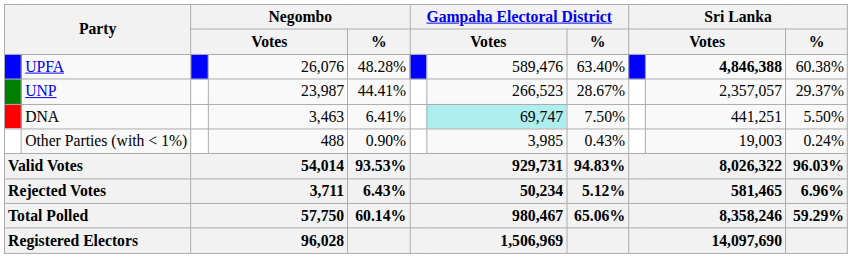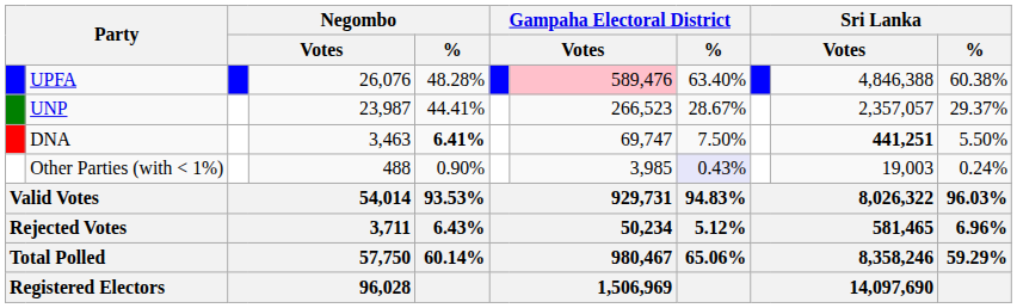 <table class="wikitable">
 <tr>
 <th colspan="2" width="144px"rowspan="2">Party</th>
 <th colspan="3" width="216px">Negombo</th>
 <th colspan="3" width="216px"><a href='#'>Gampaha Electoral District</a></th>
 <th colspan="3" width="216px">Sri Lanka</th>
 </tr>
 <tr>
 <th colspan="2" width="144px">Votes</th>
 <th>%</th>
 <th colspan="2" width="144px">Votes</th>
 <th>%</th>
 <th colspan="2" width="144px">Votes</th>
 <th>%</th>
 </tr>
 <tr>
 <td style="background-color:blue;" width="10px"></td>
 <td style="text-align:left;"><a href='#'>UPFA</a></td>
 <td style="background-color:blue;" width="10px"></td>
 <td style="text-align:right;">26,076</td>
 <td style="text-align:right;">48.28%</td>
 <td style="background-color:blue;" width="10px"></td>
-<td style="text-align:right;">589,476</td>
+<td style="background: pink; text-align:right;">589,476</td>
 <td style="text-align:right;">63.40%</td>
 <td style="background-color:blue;" width="10px"></td>
-<td style="text-align:right;"><strong>4,846,388</strong></td>
+<td style="text-align:right;">4,846,388</td>
 <td style="text-align:right;">60.38%</td>
 </tr>
 <tr>
 <td style="background-color:green;" width="10px"></td>
 <td style="text-align:left;"><a href='#'>UNP</a></td>
 <td style="background-color:white;" width="10px"></td>
 <td style="text-align:right;">23,987</td>
 <td style="text-align:right;">44.41%</td>
 <td style="background-color:white;" width="10px"></td>
 <td style="text-align:right;">266,523</td>
 <td style="text-align:right;">28.67%</td>
 <td style="background-color:white;" width="10px"></td>
 <td style="text-align:right;">2,357,057</td>
 <td style="text-align:right;">29.37%</td>
 </tr>
 <tr>
 <td style="background-color:red;" width="10px"></td>
 <td style="text-align:left;">DNA</td>
 <td style="background-color:white;" width="10px"></td>
 <td style="text-align:right;">3,463</td>
-<td style="text-align:right;">6.41%</td>
+<td style="text-align:right;"><strong>6.41%</strong></td>
 <td style="background-color:white;" width="10px"></td>
-<td style="background: paleturquoise; text-align:right;">69,747</td>
+<td style="text-align:right;">69,747</td>
 <td style="text-align:right;">7.50%</td>
 <td style="background-color:white;" width="10px"></td>
-<td style="text-align:right;">441,251</td>
+<td style="text-align:right;"><strong>441,251</strong></td>
 <td style="text-align:right;">5.50%</td>
 </tr>
 <tr>
 <td style="background-color:white;" width="10px"></td>
 <td style="text-align:left;">Other Parties (with < 1%)</td>
 <td style="background-color:white;" width="10px"></td>
 <td style="text-align:right;">488</td>
 <td style="text-align:right;">0.90%</td>
 <td style="background-color:white;" width="10px"></td>
 <td style="text-align:right;">3,985</td>
-<td style="text-align:right;">0.43%</td>
+<td style="background: lavender; text-align:right;">0.43%</td>
 <td style="background-color:white;" width="10px"></td>
 <td style="text-align:right;">19,003</td>
 <td style="text-align:right;">0.24%</td>
 </tr>
 <tr>
 <th colspan="2" width="144px"style="text-align:left;">Valid Votes</th>
 <th style="text-align:right;"colspan="2" width="144px">54,014</th>
 <th style="text-align:right;">93.53%</th>
 <th style="text-align:right;"colspan="2" width="144px">929,731</th>
 <th style="text-align:right;">94.83%</th>
 <th style="text-align:right;"colspan="2" width="144px">8,026,322</th>
 <th style="text-align:right;">96.03%</th>
 </tr>
 <tr>
 <th colspan="2" width="144px"style="text-align:left;">Rejected Votes</th>
 <th style="text-align:right;"colspan="2" width="144px">3,711</th>
 <th style="text-align:right;">6.43%</th>
 <th style="text-align:right;"colspan="2" width="144px">50,234</th>
 <th style="text-align:right;">5.12%</th>
 <th style="text-align:right;"colspan="2" width="144px">581,465</th>
 <th style="text-align:right;">6.96%</th>
 </tr>
 <tr>
 <th colspan="2" width="144px"style="text-align:left;">Total Polled</th>
 <th style="text-align:right;"colspan="2" width="144px">57,750</th>
 <th style="text-align:right;">60.14%</th>
 <th style="text-align:right;"colspan="2" width="144px">980,467</th>
 <th style="text-align:right;">65.06%</th>
 <th style="text-align:right;"colspan="2" width="144px">8,358,246</th>
 <th style="text-align:right;">59.29%</th>
 </tr>
 <tr>
 <th colspan="2" width="144px"style="text-align:left;">Registered Electors</th>
 <th style="text-align:right;"colspan="2" width="144px">96,028</th>
 <th></th>
 <th style="text-align:right;"colspan="2" width="144px">1,506,969</th>
 <th></th>
 <th style="text-align:right;"colspan="2" width="144px">14,097,690</th>
 <th></th>
 </tr>
 </table>
